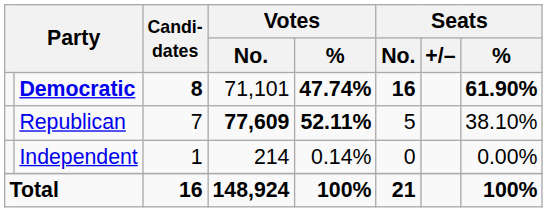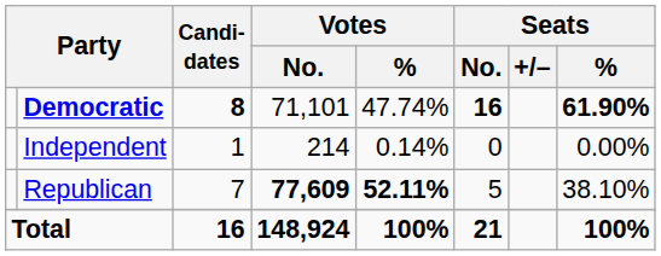 <table class="wikitable" style="font-size:100%; text-align:right;">
 <tr>
 <th colspan=2 rowspan=2>Party</th>
 <th rowspan=2><small>Candi-<br>dates</small></th>
 <th colspan=2>Votes</th>
 <th colspan=3>Seats</th>
 </tr>
 <tr>
 <th>No.</th>
 <th>%</th>
 <th>No.</th>
 <th>+/–</th>
 <th>%</th>
 </tr>
 <tr>
 <td style="background:"></td>
 <td align=left><strong><a href='#'>Democratic</a></strong></td>
 <td><strong>8</strong></td>
 <td>71,101</td>
-<td><strong>47.74%</strong></td>
+<td>47.74%</td>
 <td><strong>16</strong></td>
 <td></td>
 <td><strong>61.90%</strong></td>
+</tr>
+<tr>
+<td style="background:"></td>
+<td align=left><a href='#'>Independent</a></td>
+<td>1</td>
+<td>214</td>
+<td>0.14%</td>
+<td>0</td>
+<td></td>
+<td>0.00%</td>
 </tr>
 <tr>
 <td style="background:"></td>
 <td align=left><a href='#'>Republican</a></td>
 <td>7</td>
 <td><strong>77,609</strong></td>
 <td><strong>52.11%</strong></td>
 <td>5</td>
 <td></td>
 <td>38.10%</td>
-</tr>
-<tr>
-<td style="background:"></td>
-<td align=left><a href='#'>Independent</a></td>
-<td>1</td>
-<td>214</td>
-<td>0.14%</td>
-<td>0</td>
-<td></td>
-<td>0.00%</td>
 </tr>
 <tr>
 </tr>
 <tr style="font-weight:bold">
 <td colspan=2 align=left>Total</td>
 <td>16</td>
 <td>148,924</td>
 <td>100%</td>
 <td>21</td>
 <td></td>
 <td>100%</td>
 </tr>
 </table>
